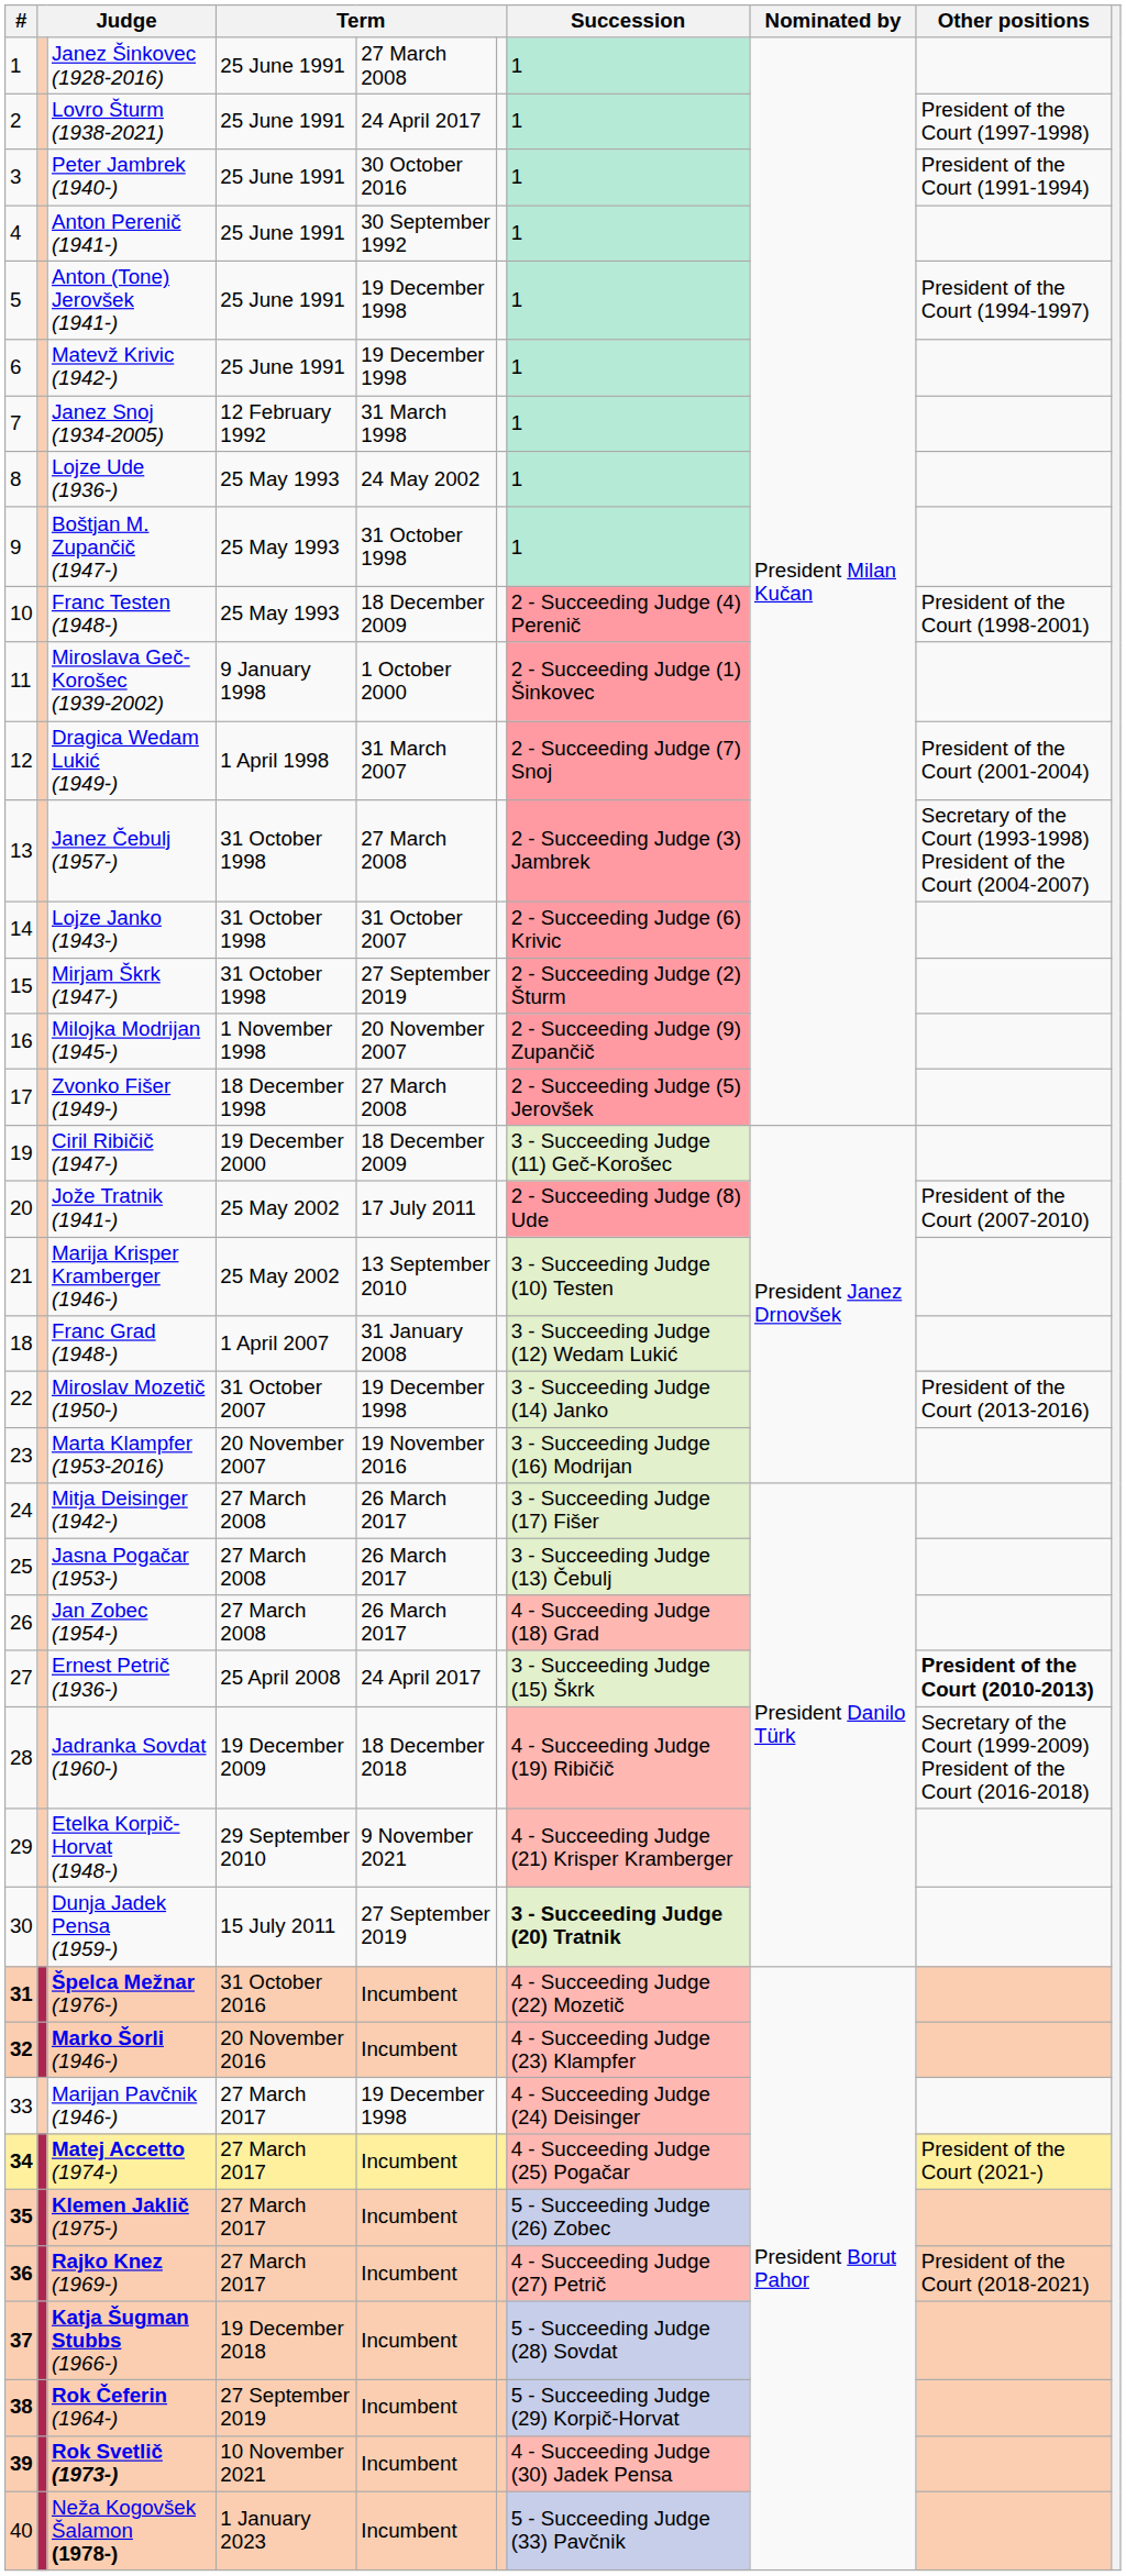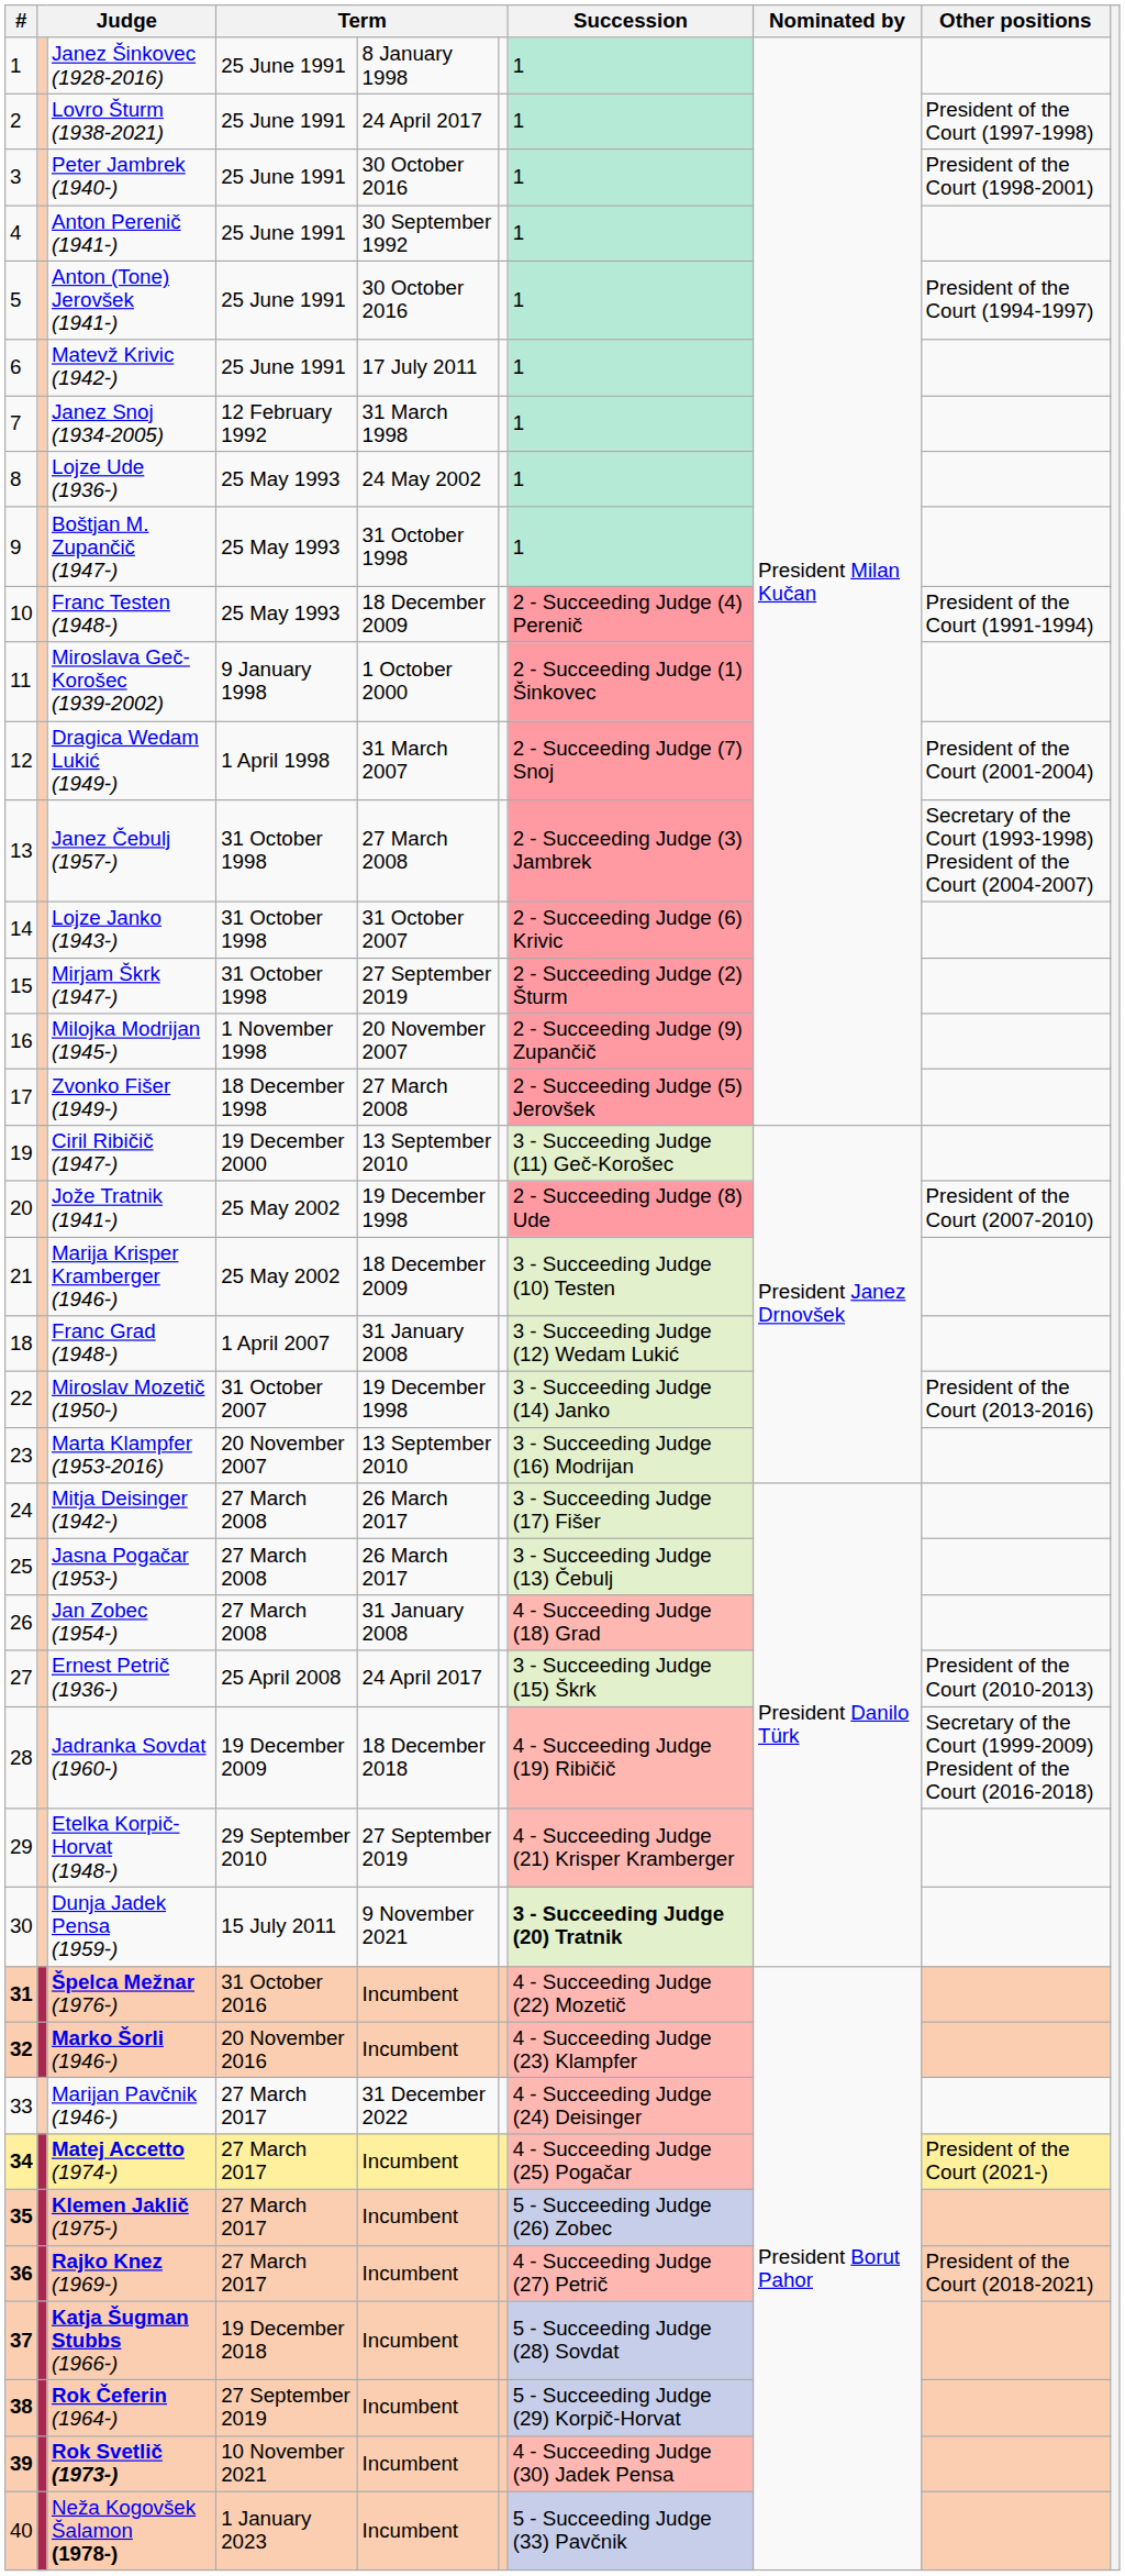 <table class="wikitable">
 <tr>
 <th>#</th>
 <th colspan="2">Judge</th>
 <th colspan="3">Term</th>
 <th>Succession</th>
 <th>Nominated by</th>
 <th>Other positions</th>
 <th rowspan="41"></th>
 </tr>
 <tr>
 <td>1</td>
 <td style="background:#FBCEB1"></td>
 <td><a href='#'>Janez Šinkovec</a><br><em>(1928-2016)</em></td>
 <td>25 June 1991</td>
-<td>27 March 2008</td>
+<td>8 January 1998</td>
 <td></td>
 <td style="background:#B5EAD7">1</td>
 <td rowspan="17">President <a href='#'>Milan Kučan</a></td>
 <td></td>
 </tr>
 <tr>
 <td>2</td>
 <td style="background:#FBCEB1"></td>
 <td><a href='#'>Lovro Šturm</a><br><em>(1938-2021)</em></td>
 <td>25 June 1991</td>
 <td>24 April 2017</td>
 <td></td>
 <td style="background:#B5EAD7">1</td>
 <td>President of the Court (1997-1998)</td>
 </tr>
 <tr>
 <td>3</td>
 <td style="background:#FBCEB1"></td>
 <td><a href='#'>Peter Jambrek</a><br><em>(1940-)</em></td>
 <td>25 June 1991</td>
 <td>30 October 2016</td>
 <td></td>
 <td style="background:#B5EAD7">1</td>
-<td>President of the Court (1991-1994)</td>
+<td>President of the Court (1998-2001)</td>
 </tr>
 <tr>
 <td>4</td>
 <td style="background:#FBCEB1"></td>
 <td><a href='#'>Anton Perenič</a><br><em>(1941-)</em></td>
 <td>25 June 1991</td>
 <td>30 September 1992</td>
 <td></td>
 <td style="background:#B5EAD7">1</td>
 <td></td>
 </tr>
 <tr>
 <td>5</td>
 <td style="background:#FBCEB1"></td>
 <td><a href='#'>Anton (Tone) Jerovšek</a><br><em>(1941-)</em></td>
 <td>25 June 1991</td>
-<td>19 December 1998</td>
+<td>30 October 2016</td>
 <td></td>
 <td style="background:#B5EAD7">1</td>
 <td>President of the Court (1994-1997)</td>
 </tr>
 <tr>
 <td>6</td>
 <td style="background:#FBCEB1"></td>
 <td><a href='#'>Matevž Krivic</a><br><em>(1942-)</em></td>
 <td>25 June 1991</td>
-<td>19 December 1998</td>
+<td>17 July 2011</td>
 <td></td>
 <td style="background:#B5EAD7">1</td>
 <td></td>
 </tr>
 <tr>
 <td>7</td>
 <td style="background:#FBCEB1"></td>
 <td><a href='#'>Janez Snoj</a><br><em>(1934-2005)</em></td>
 <td>12 February 1992</td>
 <td>31 March 1998</td>
 <td></td>
 <td style="background:#B5EAD7">1</td>
 <td></td>
 </tr>
 <tr>
 <td>8</td>
 <td style="background:#FBCEB1"></td>
 <td><a href='#'>Lojze Ude</a><br><em>(1936-)</em></td>
 <td>25 May 1993</td>
 <td>24 May 2002</td>
 <td></td>
 <td style="background:#B5EAD7">1</td>
 <td></td>
 </tr>
 <tr>
 <td>9</td>
 <td style="background:#FBCEB1"></td>
 <td><a href='#'>Boštjan M. Zupančič</a><br><em>(1947-)</em></td>
 <td>25 May 1993</td>
 <td>31 October 1998</td>
 <td></td>
 <td style="background:#B5EAD7">1</td>
 <td></td>
 </tr>
 <tr>
 <td>10</td>
 <td style="background:#FBCEB1"></td>
 <td><a href='#'>Franc Testen</a><br><em>(1948-)</em></td>
 <td>25 May 1993</td>
 <td>18 December 2009</td>
 <td></td>
 <td style="background:#FF9AA2">2 - Succeeding Judge (4) Perenič</td>
-<td>President of the Court (1998-2001)</td>
+<td>President of the Court (1991-1994)</td>
 </tr>
 <tr>
 <td>11</td>
 <td style="background:#FBCEB1"></td>
 <td><a href='#'>Miroslava Geč-Korošec</a><br><em>(1939-2002)</em></td>
 <td>9 January 1998</td>
 <td>1 October 2000</td>
 <td></td>
 <td style="background:#FF9AA2">2 - Succeeding Judge (1) Šinkovec</td>
 <td></td>
 </tr>
 <tr>
 <td>12</td>
 <td style="background:#FBCEB1"></td>
 <td><a href='#'>Dragica Wedam Lukić</a><br><em>(1949-)</em></td>
 <td>1 April 1998</td>
 <td>31 March 2007</td>
 <td></td>
 <td style="background:#FF9AA2">2 - Succeeding Judge (7) Snoj</td>
 <td>President of the Court (2001-2004)</td>
 </tr>
 <tr>
 <td>13</td>
 <td style="background:#FBCEB1"></td>
 <td><a href='#'>Janez Čebulj</a><br><em>(1957-)</em></td>
 <td>31 October 1998</td>
 <td>27 March 2008</td>
 <td></td>
 <td style="background:#FF9AA2">2 - Succeeding Judge (3) Jambrek</td>
 <td>Secretary of the Court (1993-1998)<br>President of the Court (2004-2007)</td>
 </tr>
 <tr>
 <td>14</td>
 <td style="background:#FBCEB1"></td>
 <td><a href='#'>Lojze Janko</a><br><em>(1943-)</em></td>
 <td>31 October 1998</td>
 <td>31 October 2007</td>
 <td></td>
 <td style="background:#FF9AA2">2 - Succeeding Judge (6) Krivic</td>
 <td></td>
 </tr>
 <tr>
 <td>15</td>
 <td style="background:#FBCEB1"></td>
 <td><a href='#'>Mirjam Škrk</a><br><em>(1947-)</em></td>
 <td>31 October 1998</td>
 <td>27 September 2019</td>
 <td></td>
 <td style="background:#FF9AA2">2 - Succeeding Judge (2) Šturm</td>
 <td></td>
 </tr>
 <tr>
 <td>16</td>
 <td style="background:#FBCEB1"></td>
 <td><a href='#'>Milojka Modrijan</a><br><em>(1945-)</em></td>
 <td>1 November 1998</td>
 <td>20 November 2007</td>
 <td></td>
 <td style="background:#FF9AA2">2 - Succeeding Judge (9) Zupančič</td>
 <td></td>
 </tr>
 <tr>
 <td>17</td>
 <td style="background:#FBCEB1"></td>
 <td><a href='#'>Zvonko Fišer</a><br><em>(1949-)</em></td>
 <td>18 December 1998</td>
 <td>27 March 2008</td>
 <td></td>
 <td style="background:#FF9AA2">2 - Succeeding Judge (5) Jerovšek</td>
 <td></td>
 </tr>
 <tr>
 <td>19</td>
 <td style="background:#FBCEB1 "></td>
 <td><a href='#'>Ciril Ribičič</a><br><em>(1947-)</em></td>
 <td>19 December 2000</td>
-<td>18 December 2009</td>
+<td>13 September 2010</td>
 <td></td>
 <td style="background:#E2F0CB ">3 - Succeeding Judge (11) Geč-Korošec</td>
 <td rowspan="6">President <a href='#'>Janez Drnovšek</a></td>
 <td></td>
 </tr>
 <tr>
 <td>20</td>
 <td style="background:#FBCEB1"></td>
 <td><a href='#'>Jože Tratnik</a><br><em>(1941-)</em></td>
 <td>25 May 2002</td>
-<td>17 July 2011</td>
+<td>19 December 1998</td>
 <td></td>
 <td style="background:#FF9AA2">2 - Succeeding Judge (8) Ude</td>
 <td>President of the Court (2007-2010)</td>
 </tr>
 <tr>
 <td>21</td>
 <td style="background:#FBCEB1"></td>
 <td><a href='#'>Marija Krisper Kramberger</a><br><em>(1946-)</em></td>
 <td>25 May 2002</td>
-<td>13 September 2010</td>
+<td>18 December 2009</td>
 <td></td>
 <td style="background:#E2F0CB">3 - Succeeding Judge (10) Testen</td>
 <td></td>
 </tr>
 <tr>
 <td>18</td>
 <td style="background:#FBCEB1 "></td>
 <td><a href='#'>Franc Grad</a><br><em>(1948-)</em></td>
 <td>1 April 2007</td>
 <td>31 January 2008</td>
 <td></td>
 <td style="background:#E2F0CB ">3 - Succeeding Judge (12) Wedam Lukić</td>
 <td></td>
 </tr>
 <tr>
 <td>22</td>
 <td style="background:#FBCEB1"></td>
 <td><a href='#'>Miroslav Mozetič</a><br><em>(1950-)</em></td>
 <td>31 October 2007</td>
 <td>19 December 1998</td>
 <td></td>
 <td style="background:#E2F0CB">3 - Succeeding Judge (14) Janko</td>
 <td>President of the Court (2013-2016)</td>
 </tr>
 <tr>
 <td>23</td>
 <td style="background:#FBCEB1"></td>
 <td><a href='#'>Marta Klampfer</a><br><em>(1953-2016)</em></td>
 <td>20 November 2007</td>
-<td>19 November 2016</td>
+<td>13 September 2010</td>
 <td></td>
 <td style="background:#E2F0CB">3 - Succeeding Judge (16) Modrijan</td>
 <td></td>
 </tr>
 <tr>
 <td>24</td>
 <td style="background:#FBCEB1"></td>
 <td><a href='#'>Mitja Deisinger</a><br><em>(1942-)</em></td>
 <td>27 March 2008</td>
 <td>26 March 2017</td>
 <td></td>
 <td style="background:#E2F0CB">3 - Succeeding Judge (17) Fišer</td>
 <td rowspan="7">President <a href='#'>Danilo Türk</a></td>
 <td></td>
 </tr>
 <tr>
 <td>25</td>
 <td style="background:#FBCEB1"></td>
 <td><a href='#'>Jasna Pogačar</a><br><em>(1953-)</em></td>
 <td>27 March 2008</td>
 <td>26 March 2017</td>
 <td></td>
 <td style="background:#E2F0CB">3 - Succeeding Judge (13) Čebulj</td>
 <td></td>
 </tr>
 <tr>
 <td>26</td>
 <td style="background:#FBCEB1"></td>
 <td><a href='#'>Jan Zobec</a><br><em>(1954-)</em></td>
 <td>27 March 2008</td>
-<td>26 March 2017</td>
+<td>31 January 2008</td>
 <td></td>
 <td style="background:#FFB7B2">4 - Succeeding Judge (18) Grad</td>
 <td></td>
 </tr>
 <tr>
 <td>27</td>
 <td style="background:#FBCEB1"></td>
 <td><a href='#'>Ernest Petrič</a><br><em>(1936-)</em></td>
 <td>25 April 2008</td>
 <td>24 April 2017</td>
 <td></td>
 <td style="background:#E2F0CB">3 - Succeeding Judge (15) Škrk</td>
-<td><strong>President of the Court (2010-2013)</strong></td>
+<td>President of the Court (2010-2013)</td>
 </tr>
 <tr>
 <td>28</td>
 <td style="background:#FBCEB1"></td>
 <td><a href='#'>Jadranka Sovdat</a><br><em>(1960-)</em></td>
 <td>19 December 2009</td>
 <td>18 December 2018</td>
 <td></td>
 <td style="background:#FFB7B2">4 - Succeeding Judge (19) Ribičič</td>
 <td>Secretary of the Court (1999-2009)<br>President of the Court (2016-2018)</td>
 </tr>
 <tr>
 <td>29</td>
 <td style="background:#FBCEB1"></td>
 <td><a href='#'>Etelka Korpič-Horvat</a><br><em>(1948-)</em></td>
 <td>29 September 2010</td>
-<td>9 November 2021</td>
+<td>27 September 2019</td>
 <td></td>
 <td style="background:#FFB7B2">4 - Succeeding Judge (21) Krisper Kramberger</td>
 <td></td>
 </tr>
 <tr>
 <td>30</td>
 <td style="background:#FBCEB1"></td>
 <td><a href='#'>Dunja Jadek Pensa</a><br><em>(1959-)</em></td>
 <td>15 July 2011</td>
-<td>27 September 2019</td>
+<td>9 November 2021</td>
 <td></td>
 <td style="background:#E2F0CB"><strong>3 - Succeeding Judge (20) Tratnik</strong></td>
 <td></td>
 </tr>
 <tr>
 <td style="background:#FBCEB1"><strong>31</strong></td>
 <td style="background:#AB274F"></td>
 <td style="background:#FBCEB1"><strong><a href='#'>Špelca Mežnar</a></strong><br><em>(1976-)</em></td>
 <td style="background:#FBCEB1">31 October 2016</td>
 <td style="background:#FBCEB1">Incumbent</td>
 <td style="background:#FBCEB1"></td>
 <td style="background:#FFB7B2">4 - Succeeding Judge (22) Mozetič</td>
 <td rowspan="10">President <a href='#'>Borut Pahor</a></td>
 <td style="background:#FBCEB1"></td>
 </tr>
 <tr>
 <td style="background:#FBCEB1"><strong>32</strong></td>
 <td style="background:#AB274F"></td>
 <td style="background:#FBCEB1"><strong><a href='#'>Marko Šorli</a></strong><br><em>(1946-)</em></td>
 <td style="background:#FBCEB1">20 November 2016</td>
 <td style="background:#FBCEB1">Incumbent</td>
 <td style="background:#FBCEB1"></td>
 <td style="background:#FFB7B2">4 - Succeeding Judge (23) Klampfer</td>
 <td style="background:#FBCEB1"></td>
 </tr>
 <tr>
 <td>33</td>
 <td style="background:#FBCEB1"></td>
 <td><a href='#'>Marijan Pavčnik</a><br><em>(1946-)</em></td>
 <td>27 March 2017</td>
-<td>19 December 1998</td>
+<td>31 December 2022</td>
 <td></td>
 <td style="background:#FFB7B2">4 - Succeeding Judge (24) Deisinger</td>
 <td></td>
 </tr>
 <tr>
 <td style="background:#FFF09E"><strong>34</strong></td>
 <td style="background:#AB274F"></td>
 <td style="background:#FFF09E"><strong><a href='#'>Matej Accetto</a></strong><br><em>(1974-)</em></td>
 <td style="background:#FFF09E">27 March 2017</td>
 <td style="background:#FFF09E">Incumbent</td>
 <td style="background:#FFF09E"></td>
 <td style="background:#FFB7B2">4 - Succeeding Judge (25) Pogačar</td>
 <td style="background:#FFF09E">President of the Court (2021-)</td>
 </tr>
 <tr>
 <td style="background:#FBCEB1"><strong>35</strong></td>
 <td style="background:#AB274F"></td>
 <td style="background:#FBCEB1"><strong><a href='#'>Klemen Jaklič</a></strong><br><em>(1975-)</em></td>
 <td style="background:#FBCEB1">27 March 2017</td>
 <td style="background:#FBCEB1">Incumbent</td>
 <td style="background:#FBCEB1"></td>
 <td style="background:#C7CEEA">5 - Succeeding Judge (26) Zobec</td>
 <td style="background:#FBCEB1"></td>
 </tr>
 <tr>
 <td style="background:#FBCEB1"><strong>36</strong></td>
 <td style="background:#AB274F"></td>
 <td style="background:#FBCEB1"><strong><a href='#'>Rajko Knez</a></strong><br><em>(1969-)</em></td>
 <td style="background:#FBCEB1">27 March 2017</td>
 <td style="background:#FBCEB1">Incumbent</td>
 <td style="background:#FBCEB1"></td>
 <td style="background:#FFB7B2">4 - Succeeding Judge (27) Petrič</td>
 <td style="background:#FBCEB1">President of the Court (2018-2021)</td>
 </tr>
 <tr>
 <td style="background:#FBCEB1"><strong>37</strong></td>
 <td style="background:#AB274F"></td>
 <td style="background:#FBCEB1"><strong><a href='#'>Katja Šugman Stubbs</a></strong><br><em>(1966-)</em></td>
 <td style="background:#FBCEB1">19 December 2018</td>
 <td style="background:#FBCEB1">Incumbent</td>
 <td style="background:#FBCEB1"></td>
 <td style="background:#C7CEEA">5 - Succeeding Judge (28) Sovdat</td>
 <td style="background:#FBCEB1"></td>
 </tr>
 <tr>
 <td style="background:#FBCEB1"><strong>38</strong></td>
 <td style="background:#AB274F"></td>
 <td style="background:#FBCEB1"><strong><a href='#'>Rok Čeferin</a></strong><br><em>(1964-)</em></td>
 <td style="background:#FBCEB1">27 September 2019</td>
 <td style="background:#FBCEB1">Incumbent</td>
 <td style="background:#FBCEB1"></td>
 <td style="background:#C7CEEA">5 - Succeeding Judge (29) Korpič-Horvat</td>
 <td style="background:#FBCEB1"></td>
 </tr>
 <tr>
 <td style="background:#FBCEB1"><strong>39</strong></td>
 <td style="background:#AB274F"></td>
 <td style="background:#FBCEB1"><strong><a href='#'>Rok Svetlič</a><br><strong><em>(1973-)<em></td>
 <td style="background:#FBCEB1">10 November 2021</td>
 <td style="background:#FBCEB1">Incumbent</td>
 <td style="background:#FBCEB1"></td>
 <td style="background:#FFB7B2">4 - Succeeding Judge (30) Jadek Pensa</td>
 <td style="background:#FBCEB1"></td>
 </tr>
 <tr>
 <td style="background:#FBCEB1"></strong>40<strong></td>
 <td style="background:#AB274F"></td>
 <td style="background:#FBCEB1"></strong><a href='#'>Neža Kogovšek Šalamon</a><strong><br></em>(1978-)<em></td>
 <td style="background:#FBCEB1">1 January 2023</td>
 <td style="background:#FBCEB1">Incumbent</td>
 <td style="background:#FBCEB1"></td>
 <td style="background:#C7CEEA">5 - Succeeding Judge (33) Pavčnik</td>
 <td style="background:#FBCEB1"></td>
 </tr>
 </table>
